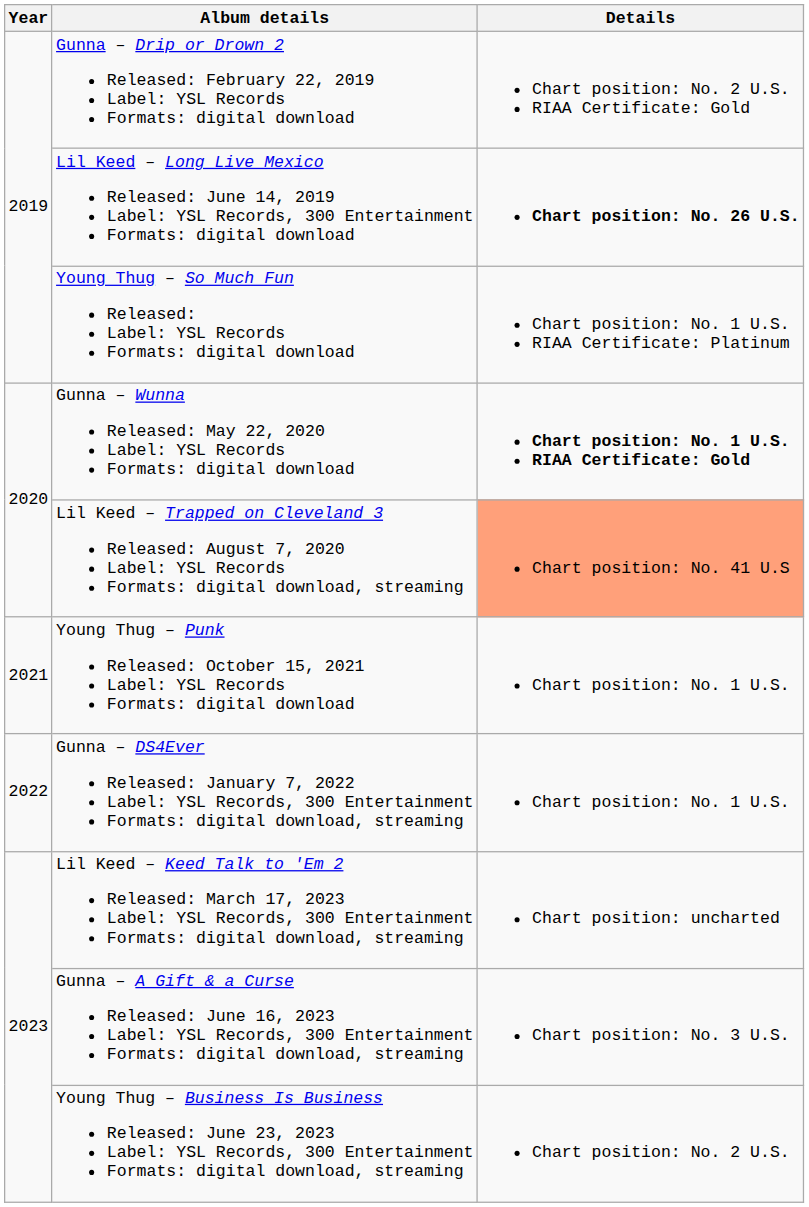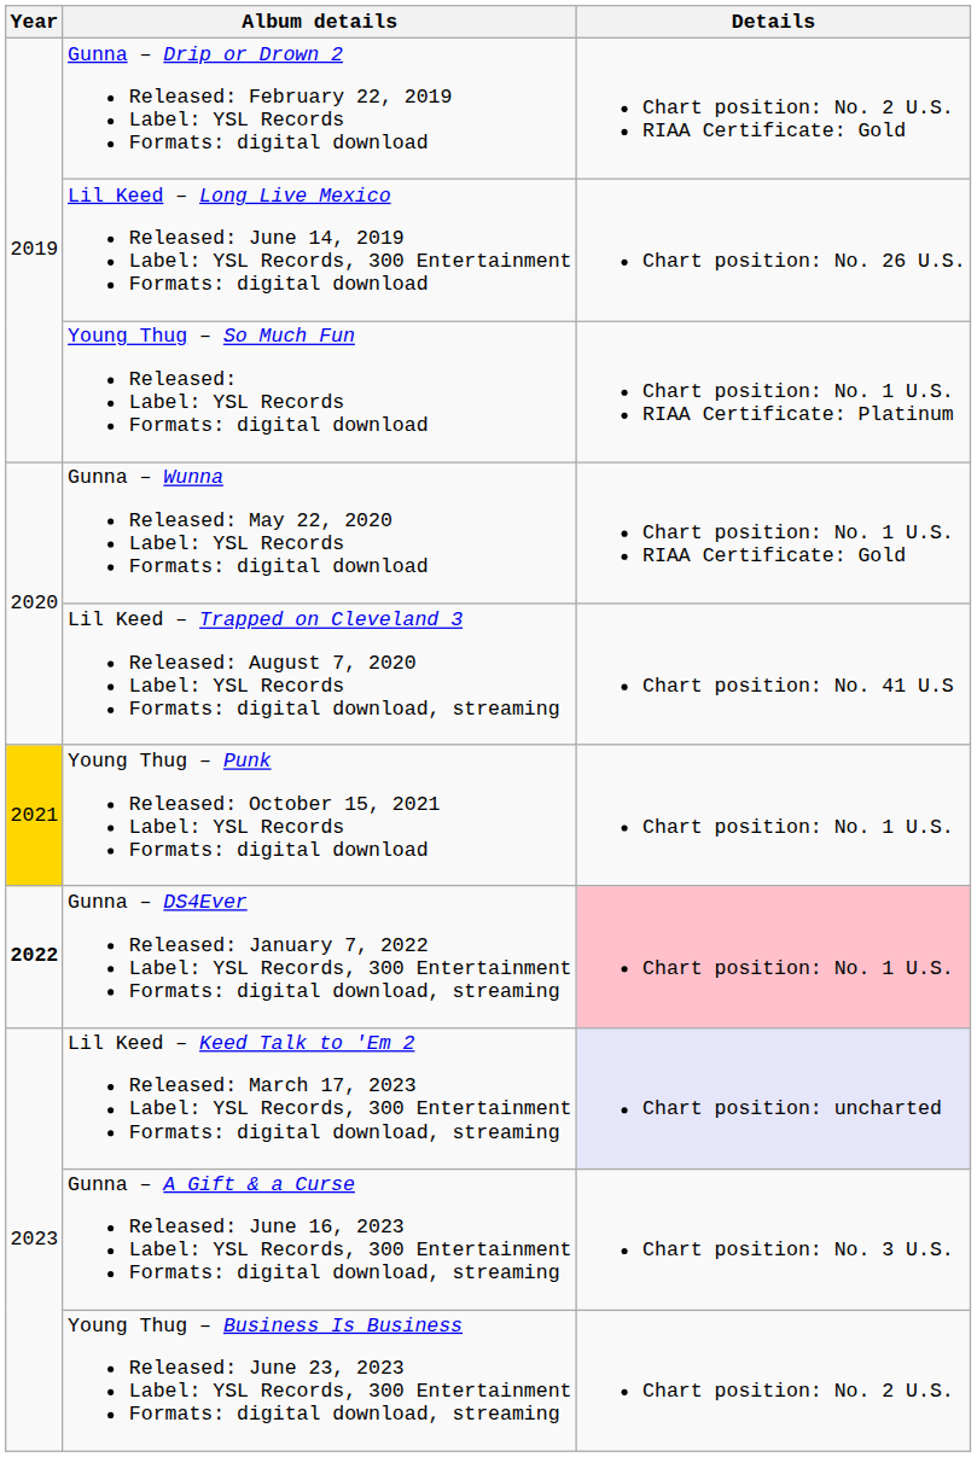 <table class="wikitable sortable">
 <tr>
 <th>Year</th>
 <th class="unsortable">Album details</th>
 <th>Details</th>
 </tr>
 <tr>
 <td rowspan="3" style="text-align: center">2019</td>
 <td><a href='#'>Gunna</a> – <em><a href='#'>Drip or Drown 2</a></em><br><ul><li>Released: February 22, 2019</li><li>Label: YSL Records</li><li>Formats: digital download</li></ul></td>
 <td><br><ul><li>Chart position: No. 2 U.S.</li><li>RIAA Certificate: Gold</li></ul></td>
 </tr>
 <tr>
 <td><a href='#'>Lil Keed</a> – <em><a href='#'>Long Live Mexico</a></em><br><ul><li>Released: June 14, 2019</li><li>Label: YSL Records, 300 Entertainment</li><li>Formats: digital download</li></ul></td>
-<td><strong><br><ul><li>Chart position: No. 26 U.S.</li></ul></strong></td>
+<td><br><ul><li>Chart position: No. 26 U.S.</li></ul></td>
 </tr>
 <tr>
 <td><a href='#'>Young Thug</a> – <em><a href='#'>So Much Fun</a></em><br><ul><li>Released: </li><li>Label: YSL Records</li><li>Formats: digital download</li></ul></td>
 <td><br><ul><li>Chart position: No. 1 U.S.</li><li>RIAA Certificate: Platinum</li></ul></td>
 </tr>
 <tr>
 <td rowspan="2" style="text-align: center">2020</td>
 <td>Gunna – <em><a href='#'>Wunna</a></em><br><ul><li>Released: May 22, 2020</li><li>Label: YSL Records</li><li>Formats: digital download</li></ul></td>
-<td><strong><br><ul><li>Chart position: No. 1 U.S.</li><li>RIAA Certificate: Gold</li></ul></strong></td>
+<td><br><ul><li>Chart position: No. 1 U.S.</li><li>RIAA Certificate: Gold</li></ul></td>
 </tr>
 <tr>
 <td>Lil Keed – <em><a href='#'>Trapped on Cleveland 3</a></em><br><ul><li>Released: August 7, 2020</li><li>Label: YSL Records</li><li>Formats: digital download, streaming</li></ul></td>
-<td style="background: lightsalmon;"><br><ul><li>Chart position: No. 41 U.S</li></ul></td>
+<td><br><ul><li>Chart position: No. 41 U.S</li></ul></td>
 </tr>
 <tr>
-<td rowspan="1" style="text-align: center">2021</td>
+<td rowspan="1" style="background: gold; text-align: center">2021</td>
 <td>Young Thug – <em><a href='#'>Punk</a></em><br><ul><li>Released: October 15, 2021</li><li>Label: YSL Records</li><li>Formats: digital download</li></ul></td>
 <td><br><ul><li>Chart position: No. 1 U.S.</li></ul></td>
 </tr>
 <tr>
-<td rowspan="1" style="text-align: center">2022</td>
+<td rowspan="1" style="text-align: center"><strong>2022</strong></td>
 <td>Gunna – <em><a href='#'>DS4Ever</a></em><br><ul><li>Released: January 7, 2022</li><li>Label: YSL Records, 300 Entertainment</li><li>Formats: digital download, streaming</li></ul></td>
-<td><br><ul><li>Chart position: No. 1 U.S.</li></ul></td>
+<td style="background: pink;"><br><ul><li>Chart position: No. 1 U.S.</li></ul></td>
 </tr>
 <tr>
 <td rowspan="3" style="text-align: center">2023</td>
 <td>Lil Keed – <em><a href='#'>Keed Talk to 'Em 2</a></em><br><ul><li>Released: March 17, 2023</li><li>Label: YSL Records, 300 Entertainment</li><li>Formats: digital download, streaming</li></ul></td>
-<td><br><ul><li>Chart position: uncharted</li></ul></td>
+<td style="background: lavender;"><br><ul><li>Chart position: uncharted</li></ul></td>
 </tr>
 <tr>
 <td>Gunna – <em><a href='#'>A Gift & a Curse</a></em><br><ul><li>Released: June 16, 2023</li><li>Label: YSL Records, 300 Entertainment</li><li>Formats: digital download, streaming</li></ul></td>
 <td><br><ul><li>Chart position: No. 3 U.S.</li></ul></td>
 </tr>
 <tr>
 <td>Young Thug – <em><a href='#'>Business Is Business</a></em><br><ul><li>Released: June 23, 2023</li><li>Label: YSL Records, 300 Entertainment</li><li>Formats: digital download, streaming</li></ul></td>
 <td><br><ul><li>Chart position: No. 2 U.S.</li></ul></td>
 </tr>
 </table>
